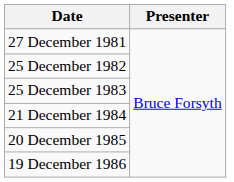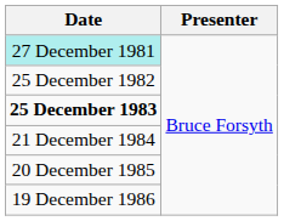 <table class="wikitable" style="text-align:center;">
 <tr>
 <th>Date</th>
 <th>Presenter</th>
 </tr>
 <tr>
-<td>27 December 1981</td>
+<td style="background: paleturquoise;">27 December 1981</td>
 <td rowspan="6"=><a href='#'>Bruce Forsyth</a></td>
 </tr>
 <tr>
 <td>25 December 1982</td>
 </tr>
 <tr>
-<td>25 December 1983</td>
+<td><strong>25 December 1983</strong></td>
 </tr>
 <tr>
 <td>21 December 1984</td>
 </tr>
 <tr>
 <td>20 December 1985</td>
 </tr>
 <tr>
 <td>19 December 1986</td>
 </tr>
 </table>
